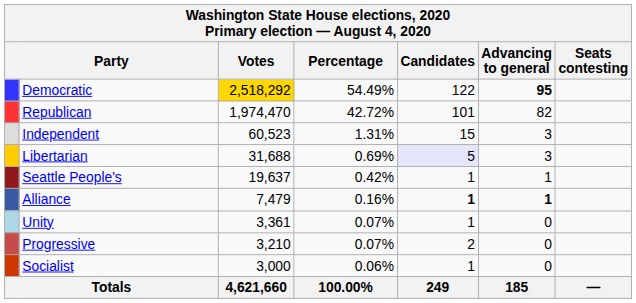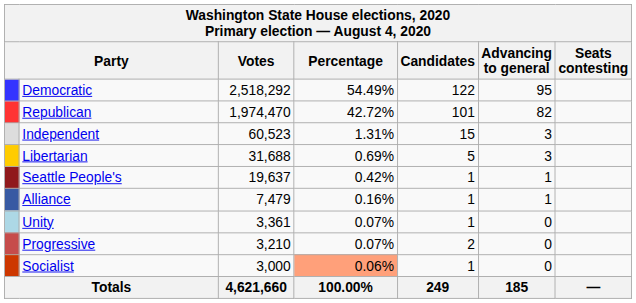 <table class="wikitable" style="font-size: 95%;">
 <tr>
 <th colspan="7">Washington State House elections, 2020<br>Primary election — August 4, 2020</th>
 </tr>
 <tr>
 <th colspan="2" style="width: 15em">Party</th>
 <th style="width: 5em">Votes</th>
 <th style="width: 7em">Percentage</th>
 <th style="width: 5em">Candidates</th>
 <th style="width: 5em">Advancing to general</th>
 <th style="width: 5em">Seats contesting</th>
 </tr>
 <tr>
 <th style="background-color:#33F; width: 3px"></th>
 <td style="width: 130px"><a href='#'>Democratic</a></td>
-<td align="right" style="background: gold;">2,518,292</td>
+<td align="right">2,518,292</td>
 <td align="right">54.49%</td>
 <td align="right">122</td>
-<td align="right"><strong>95</strong></td>
+<td align="right">95</td>
 <td align="right"></td>
 </tr>
 <tr>
 <th style="background-color:#F33; width: 3px"></th>
 <td style="width: 130px"><a href='#'>Republican</a></td>
 <td align="right">1,974,470</td>
 <td align="right">42.72%</td>
 <td align="right">101</td>
 <td align="right">82</td>
 <td align="right"></td>
 </tr>
 <tr>
 <th style="background-color:#DDDDDD; width: 3px"></th>
 <td style="width: 130px"><a href='#'>Independent</a></td>
 <td align="right">60,523</td>
 <td align="right">1.31%</td>
 <td align="right">15</td>
 <td align="right">3</td>
 <td align="right"></td>
 </tr>
 <tr>
 <th style="background-color:#FC0; width: 3px"></th>
 <td style="width: 130px"><a href='#'>Libertarian</a></td>
 <td align="right">31,688</td>
 <td align="right">0.69%</td>
-<td align="right" style="background: lavender;">5</td>
+<td align="right">5</td>
 <td align="right">3</td>
 <td align="right"></td>
 </tr>
 <tr>
 <th style="background-color:#90191C; width 3px"></th>
 <td style="width: 130px"><a href='#'>Seattle People's</a></td>
 <td align="right">19,637</td>
 <td align="right">0.42%</td>
 <td align="right">1</td>
 <td align="right">1</td>
 <td align="right"></td>
 </tr>
 <tr>
 <th style="background-color:#385AA3; width: 3px"></th>
 <td><a href='#'>Alliance</a></td>
 <td align="right">7,479</td>
 <td align="right">0.16%</td>
-<td align="right"><strong>1</strong></td>
-<td align="right"><strong>1</strong></td>
+<td align="right">1</td>
+<td align="right">1</td>
 <td align="right"></td>
 </tr>
 <tr>
 <th style="background-color:#ADD8E6; width: 3px"></th>
 <td><a href='#'>Unity</a></td>
 <td align="right">3,361</td>
 <td align="right">0.07%</td>
 <td align="right">1</td>
 <td align="right">0</td>
 <td align="right"></td>
 </tr>
 <tr>
 <th style="background-color:#c64c4b; width: 3px"></th>
 <td><a href='#'>Progressive</a></td>
 <td align="right">3,210</td>
 <td align="right">0.07%</td>
 <td align="right">2</td>
 <td align="right">0</td>
 <td align="right"></td>
 </tr>
 <tr>
 <th style="background-color:#CD3700; width: 3px"></th>
 <td><a href='#'>Socialist</a></td>
 <td align="right">3,000</td>
-<td align="right">0.06%</td>
+<td align="right" style="background: lightsalmon;">0.06%</td>
 <td align="right">1</td>
 <td align="right">0</td>
 <td align="right"></td>
 </tr>
 <tr bgcolor="#EEEEEE">
 <th colspan="2" align="right">Totals</th>
 <th align="right">4,621,660</th>
 <th align="right">100.00%</th>
 <th align="right">249</th>
 <th align="right">185</th>
 <th align="right">—</th>
 </tr>
 </table>
